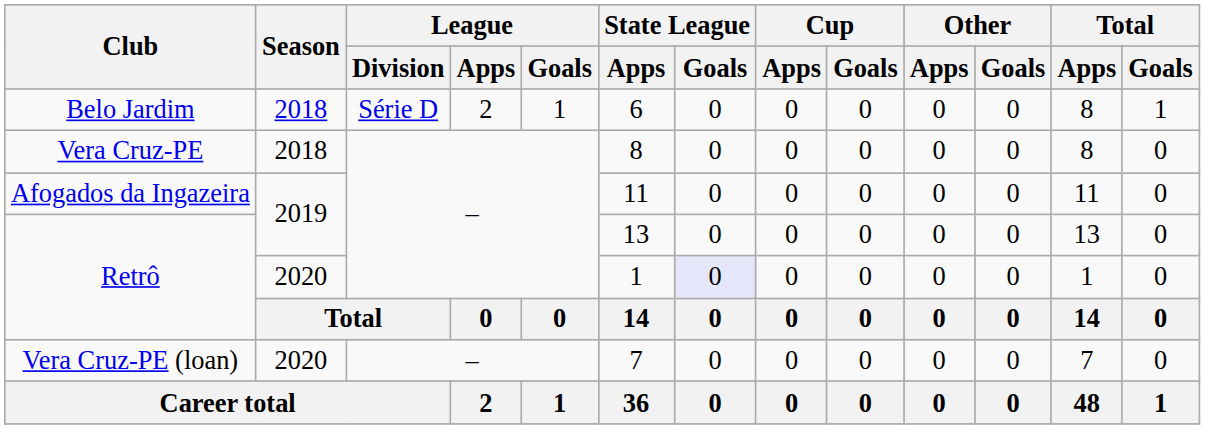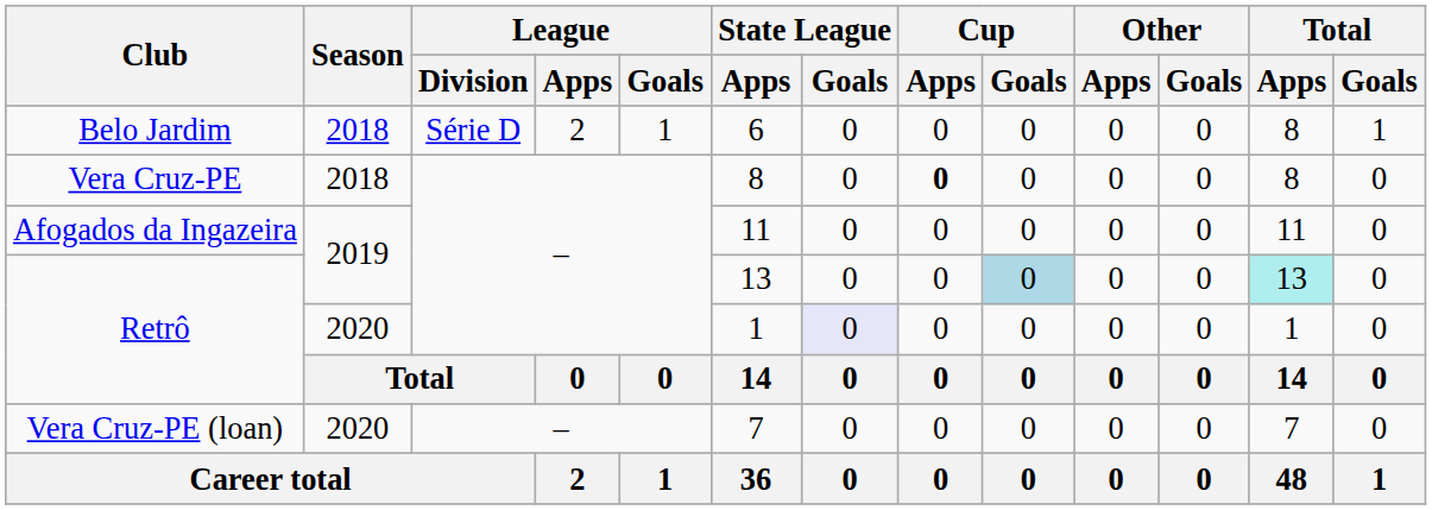 <table class="wikitable" style="text-align: center">
 <tr>
 <th rowspan="2">Club</th>
 <th rowspan="2">Season</th>
 <th colspan="3">League</th>
 <th colspan="2">State League</th>
 <th colspan="2">Cup</th>
 <th colspan="2">Other</th>
 <th colspan="2">Total</th>
 </tr>
 <tr>
 <th>Division</th>
 <th>Apps</th>
 <th>Goals</th>
 <th>Apps</th>
 <th>Goals</th>
 <th>Apps</th>
 <th>Goals</th>
 <th>Apps</th>
 <th>Goals</th>
 <th>Apps</th>
 <th>Goals</th>
 </tr>
 <tr>
 <td><a href='#'>Belo Jardim</a></td>
 <td><a href='#'>2018</a></td>
 <td><a href='#'>Série D</a></td>
 <td>2</td>
 <td>1</td>
 <td>6</td>
 <td>0</td>
 <td>0</td>
 <td>0</td>
 <td>0</td>
 <td>0</td>
 <td>8</td>
 <td>1</td>
 </tr>
 <tr>
 <td><a href='#'>Vera Cruz-PE</a></td>
 <td>2018</td>
 <td colspan="3" rowspan="4">–</td>
 <td>8</td>
 <td>0</td>
-<td>0</td>
+<td><strong>0</strong></td>
 <td>0</td>
 <td>0</td>
 <td>0</td>
 <td>8</td>
 <td>0</td>
 </tr>
 <tr>
 <td><a href='#'>Afogados da Ingazeira</a></td>
 <td rowspan="2">2019</td>
 <td>11</td>
 <td>0</td>
 <td>0</td>
 <td>0</td>
 <td>0</td>
 <td>0</td>
 <td>11</td>
 <td>0</td>
 </tr>
 <tr>
 <td rowspan="3"><a href='#'>Retrô</a></td>
 <td>13</td>
 <td>0</td>
 <td>0</td>
+<td style="background: lightblue;">0</td>
 <td>0</td>
 <td>0</td>
-<td>0</td>
-<td>13</td>
+<td style="background: paleturquoise;">13</td>
 <td>0</td>
 </tr>
 <tr>
 <td>2020</td>
 <td>1</td>
 <td style="background: lavender;">0</td>
 <td>0</td>
 <td>0</td>
 <td>0</td>
 <td>0</td>
 <td>1</td>
 <td>0</td>
 </tr>
 <tr>
 <th colspan="2"><strong>Total</strong></th>
 <th>0</th>
 <th>0</th>
 <th>14</th>
 <th>0</th>
 <th>0</th>
 <th>0</th>
 <th>0</th>
 <th>0</th>
 <th>14</th>
 <th>0</th>
 </tr>
 <tr>
 <td><a href='#'>Vera Cruz-PE</a> (loan)</td>
 <td>2020</td>
 <td colspan="3">–</td>
 <td>7</td>
 <td>0</td>
 <td>0</td>
 <td>0</td>
 <td>0</td>
 <td>0</td>
 <td>7</td>
 <td>0</td>
 </tr>
 <tr>
 <th colspan="3"><strong>Career total</strong></th>
 <th>2</th>
 <th>1</th>
 <th>36</th>
 <th>0</th>
 <th>0</th>
 <th>0</th>
 <th>0</th>
 <th>0</th>
 <th>48</th>
 <th>1</th>
 </tr>
 </table>
